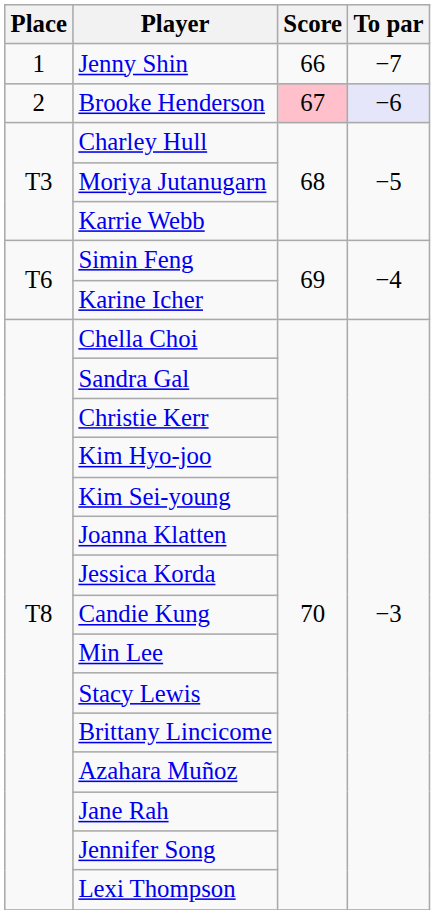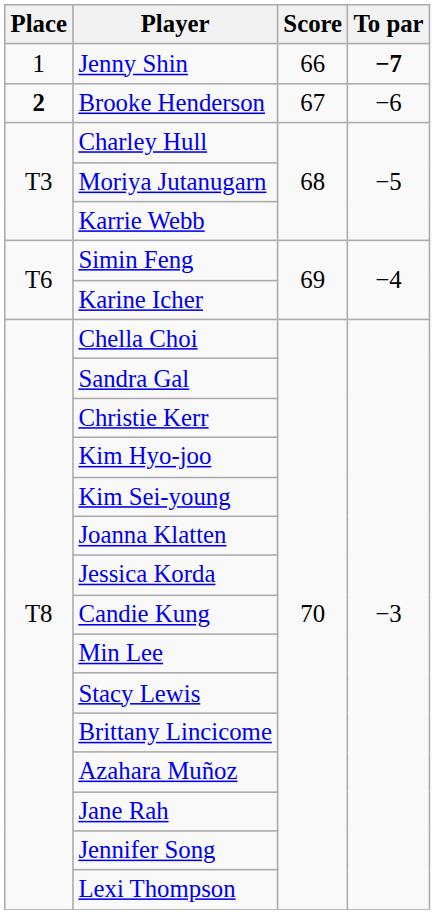 <table class="wikitable">
 <tr>
 <th>Place</th>
 <th>Player</th>
 <th>Score</th>
 <th>To par</th>
 </tr>
 <tr>
 <td align=center>1</td>
 <td> <a href='#'>Jenny Shin</a></td>
 <td align=center>66</td>
-<td align=center>−7</td>
+<td align=center><strong>−7</strong></td>
 </tr>
 <tr>
-<td align=center>2</td>
+<td align=center><strong>2</strong></td>
 <td> <a href='#'>Brooke Henderson</a></td>
-<td align=center style="background: pink;">67</td>
-<td align=center style="background: lavender;">−6</td>
+<td align=center>67</td>
+<td align=center>−6</td>
 </tr>
 <tr>
 <td rowspan=3 align=center>T3</td>
 <td> <a href='#'>Charley Hull</a></td>
 <td rowspan=3 align=center>68</td>
 <td rowspan=3 align=center>−5</td>
 </tr>
 <tr>
 <td> <a href='#'>Moriya Jutanugarn</a></td>
 </tr>
 <tr>
 <td> <a href='#'>Karrie Webb</a></td>
 </tr>
 <tr>
 <td rowspan=2 align=center>T6</td>
 <td> <a href='#'>Simin Feng</a></td>
 <td rowspan=2 align=center>69</td>
 <td rowspan=2 align=center>−4</td>
 </tr>
 <tr>
 <td> <a href='#'>Karine Icher</a></td>
 </tr>
 <tr>
 <td rowspan=15 align=center>T8</td>
 <td> <a href='#'>Chella Choi</a></td>
 <td rowspan=15 align=center>70</td>
 <td rowspan=15 align=center>−3</td>
 </tr>
 <tr>
 <td> <a href='#'>Sandra Gal</a></td>
 </tr>
 <tr>
 <td> <a href='#'>Christie Kerr</a></td>
 </tr>
 <tr>
 <td> <a href='#'>Kim Hyo-joo</a></td>
 </tr>
 <tr>
 <td> <a href='#'>Kim Sei-young</a></td>
 </tr>
 <tr>
 <td> <a href='#'>Joanna Klatten</a></td>
 </tr>
 <tr>
 <td> <a href='#'>Jessica Korda</a></td>
 </tr>
 <tr>
 <td> <a href='#'>Candie Kung</a></td>
 </tr>
 <tr>
 <td> <a href='#'>Min Lee</a></td>
 </tr>
 <tr>
 <td> <a href='#'>Stacy Lewis</a></td>
 </tr>
 <tr>
 <td> <a href='#'>Brittany Lincicome</a></td>
 </tr>
 <tr>
 <td> <a href='#'>Azahara Muñoz</a></td>
 </tr>
 <tr>
 <td> <a href='#'>Jane Rah</a></td>
 </tr>
 <tr>
 <td> <a href='#'>Jennifer Song</a></td>
 </tr>
 <tr>
 <td> <a href='#'>Lexi Thompson</a></td>
 </tr>
 </table>
